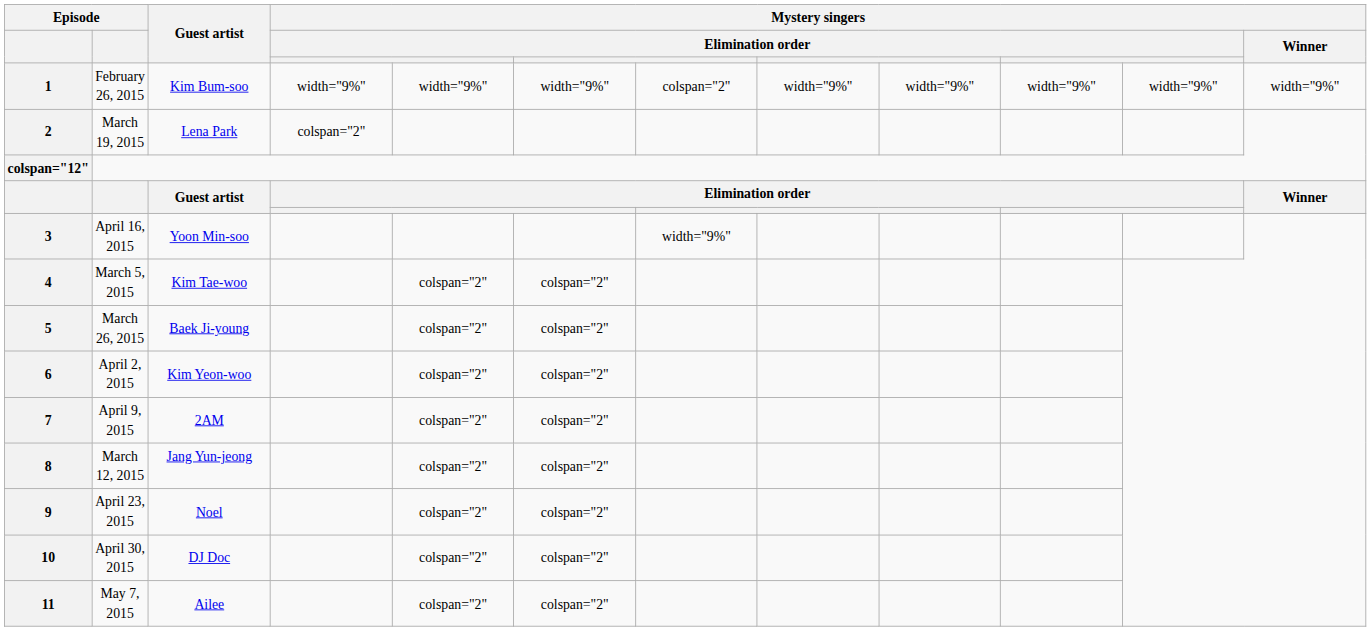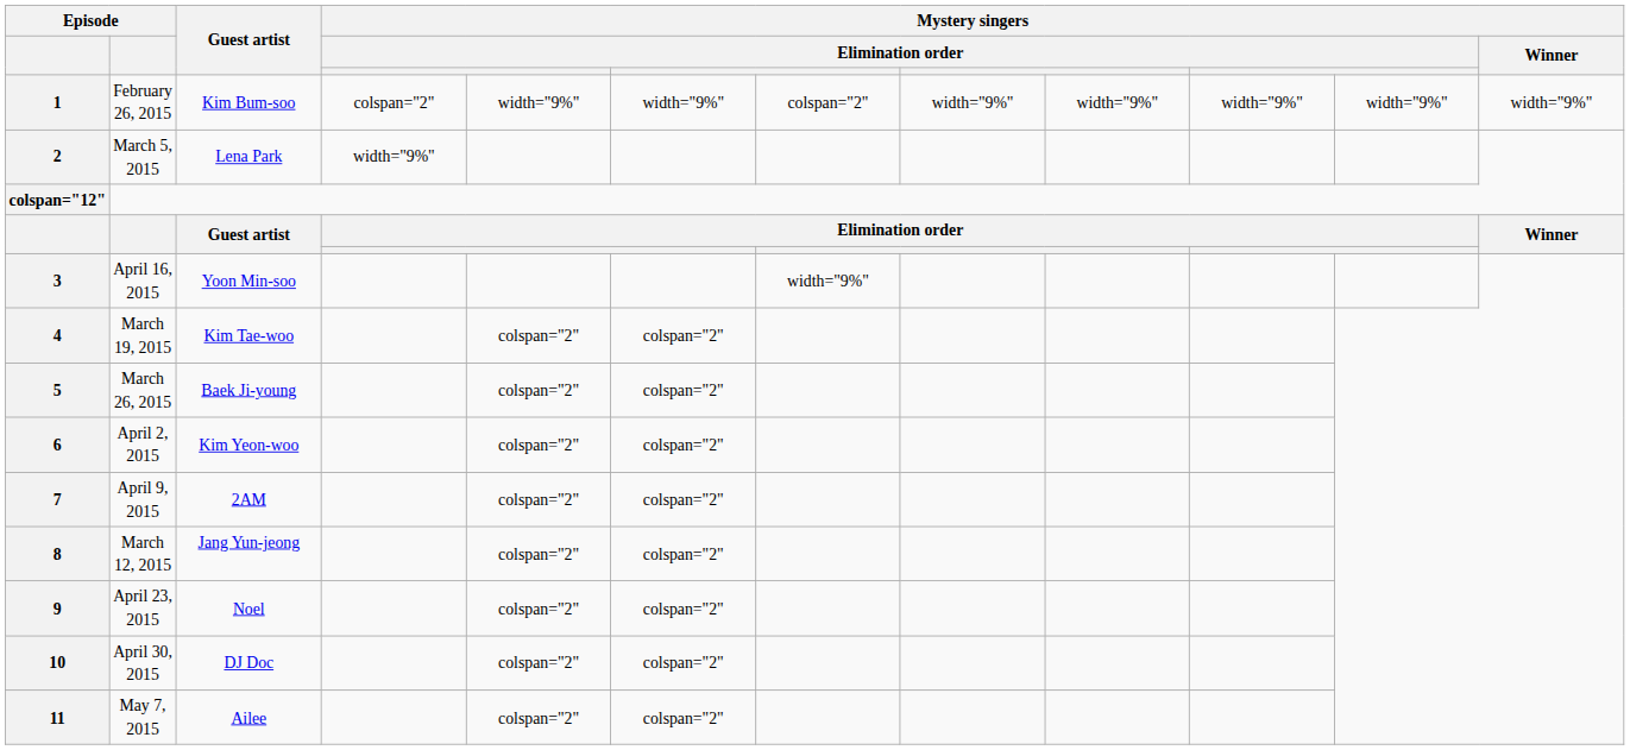 <table class="wikitable plainrowheaders mw-collapsible" style="text-align:center; line-height:23px; width:100%;">
 <tr>
 <th colspan="2" width="1%">Episode</th>
 <th rowspan="3" width="9%">Guest artist</th>
 <th colspan="9">Mystery singers<br></th>
 </tr>
 <tr>
 <th rowspan="2"></th>
 <th rowspan="2"></th>
 <th colspan="8">Elimination order</th>
 <th rowspan="2">Winner</th>
 </tr>
 <tr>
 <th colspan="2"></th>
 <th colspan="2"></th>
 <th colspan="2"></th>
 <th colspan="2"></th>
 </tr>
 <tr>
 <th>1</th>
 <td>February 26, 2015</td>
 <td><a href='#'>Kim Bum-soo</a><br></td>
-<td>width="9%" </td>
+<td>colspan="2" </td>
 <td>width="9%" </td>
 <td>width="9%" </td>
 <td>colspan="2"</td>
 <td>width="9%" </td>
 <td>width="9%" </td>
 <td>width="9%" </td>
 <td>width="9%" </td>
 <td>width="9%" </td>
 </tr>
 <tr>
 <th>2</th>
-<td>March 19, 2015</td>
+<td>March 5, 2015</td>
 <td><a href='#'>Lena Park</a><br></td>
-<td>colspan="2" </td>
+<td>width="9%" </td>
 <td></td>
 <td></td>
 <td></td>
 <td></td>
 <td></td>
 <td></td>
 <td></td>
 </tr>
 <tr>
 <th>colspan="12" </th>
 </tr>
 <tr>
 <th rowspan="2"></th>
 <th rowspan="2"></th>
 <th rowspan="2">Guest artist</th>
 <th colspan="8">Elimination order</th>
 <th rowspan="2">Winner</th>
 </tr>
 <tr>
 <th colspan="3"></th>
 <th colspan="3"></th>
 <th colspan="2"></th>
 </tr>
 <tr>
 <th>3</th>
 <td>April 16, 2015</td>
 <td><a href='#'>Yoon Min-soo</a><br></td>
 <td></td>
 <td></td>
 <td></td>
 <td>width="9%" </td>
 <td></td>
 <td></td>
 <td></td>
 <td></td>
 </tr>
 <tr>
 <th>4</th>
-<td>March 5, 2015</td>
+<td>March 19, 2015</td>
 <td><a href='#'>Kim Tae-woo</a><br></td>
 <td></td>
 <td>colspan="2" </td>
 <td>colspan="2" </td>
 <td></td>
 <td></td>
 <td></td>
 <td></td>
 </tr>
 <tr>
 <th>5</th>
 <td>March 26, 2015</td>
 <td><a href='#'>Baek Ji-young</a><br></td>
 <td></td>
 <td>colspan="2"</td>
 <td>colspan="2"</td>
 <td></td>
 <td></td>
 <td></td>
 <td></td>
 </tr>
 <tr>
 <th>6</th>
 <td>April 2, 2015</td>
 <td><a href='#'>Kim Yeon-woo</a><br></td>
 <td></td>
 <td>colspan="2"</td>
 <td>colspan="2"</td>
 <td></td>
 <td></td>
 <td></td>
 <td></td>
 </tr>
 <tr>
 <th>7</th>
 <td>April 9, 2015</td>
 <td><a href='#'>2AM</a><br></td>
 <td></td>
 <td>colspan="2"</td>
 <td>colspan="2"</td>
 <td></td>
 <td></td>
 <td></td>
 <td></td>
 </tr>
 <tr>
 <th>8</th>
 <td>March 12, 2015</td>
 <td><a href='#'>Jang Yun-jeong</a><br><br></td>
 <td></td>
 <td>colspan="2"</td>
 <td>colspan="2"</td>
 <td></td>
 <td></td>
 <td></td>
 <td></td>
 </tr>
 <tr>
 <th>9</th>
 <td>April 23, 2015</td>
 <td><a href='#'>Noel</a><br></td>
 <td></td>
 <td>colspan="2"</td>
 <td>colspan="2"</td>
 <td></td>
 <td></td>
 <td></td>
 <td></td>
 </tr>
 <tr>
 <th>10</th>
 <td>April 30, 2015</td>
 <td><a href='#'>DJ Doc</a><br></td>
 <td></td>
 <td>colspan="2"</td>
 <td>colspan="2"</td>
 <td></td>
 <td></td>
 <td></td>
 <td></td>
 </tr>
 <tr>
 <th>11</th>
 <td>May 7, 2015</td>
 <td><a href='#'>Ailee</a><br></td>
 <td></td>
 <td>colspan="2"</td>
 <td>colspan="2"</td>
 <td></td>
 <td></td>
 <td></td>
 <td></td>
 </tr>
 </table>
